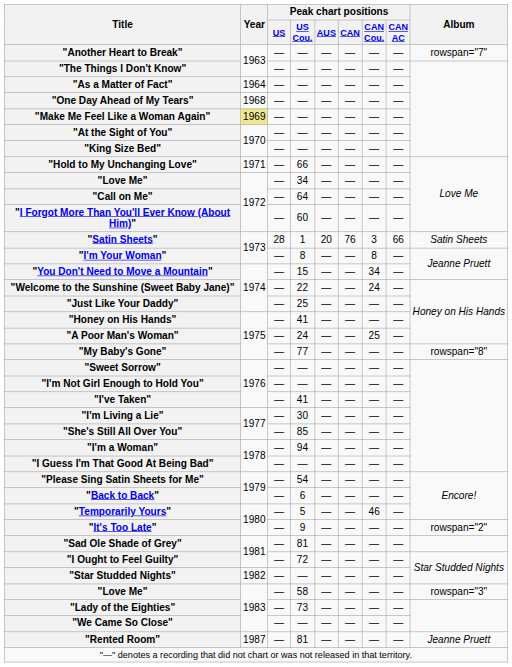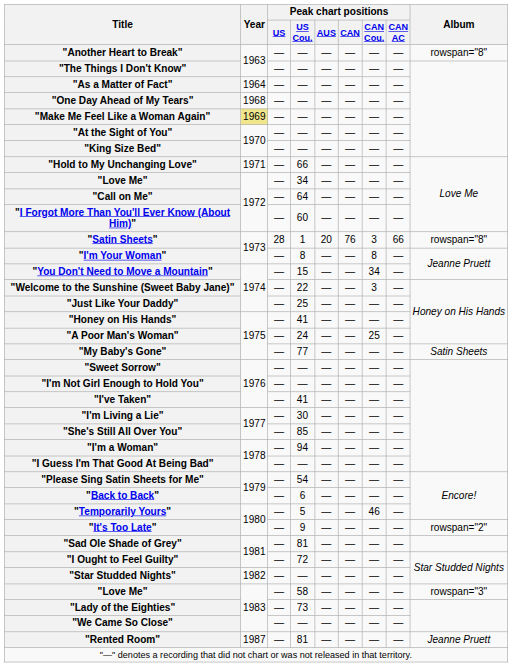 <table class="wikitable plainrowheaders" style="text-align:center;" border="1">
 <tr>
 <th scope="col" rowspan="2" style="width:23em;">Title</th>
 <th scope="col" rowspan="2">Year</th>
 <th scope="col" colspan="6">Peak chart positions</th>
 <th scope="col" rowspan="2">Album</th>
 </tr>
 <tr>
 <th scope="col" style="width:2em;font-size:90%;"><a href='#'>US</a><br></th>
 <th scope="col" style="width:2em;font-size:90%;"><a href='#'>US<br>Cou.</a><br></th>
 <th scope="col" style="width:2em;font-size:90%;"><a href='#'>AUS</a><br></th>
 <th scope="col" style="width:2em;font-size:90%;"><a href='#'>CAN</a><br></th>
 <th scope="col" style="width:2em;font-size:90%;"><a href='#'>CAN<br>Cou.</a><br></th>
 <th scope="col" style="width:2em;font-size:90%;"><a href='#'>CAN<br>AC</a><br></th>
 </tr>
 <tr>
 <th scope="row">"Another Heart to Break"</th>
 <td rowspan="2">1963</td>
 <td>—</td>
 <td>—</td>
 <td>—</td>
 <td>—</td>
 <td>—</td>
 <td>—</td>
-<td>rowspan="7" </td>
+<td>rowspan="8" </td>
 </tr>
 <tr>
 <th scope="row">"The Things I Don't Know"</th>
 <td>—</td>
 <td>—</td>
 <td>—</td>
 <td>—</td>
 <td>—</td>
 <td>—</td>
 </tr>
 <tr>
 <th scope="row">"As a Matter of Fact"</th>
 <td>1964</td>
 <td>—</td>
 <td>—</td>
 <td>—</td>
 <td>—</td>
 <td>—</td>
 <td>—</td>
 </tr>
 <tr>
 <th scope="row">"One Day Ahead of My Tears"</th>
 <td>1968</td>
 <td>—</td>
 <td>—</td>
 <td>—</td>
 <td>—</td>
 <td>—</td>
 <td>—</td>
 </tr>
 <tr>
 <th scope="row">"Make Me Feel Like a Woman Again"</th>
 <td style="background: khaki;">1969</td>
 <td>—</td>
 <td>—</td>
 <td>—</td>
 <td>—</td>
 <td>—</td>
 <td>—</td>
 </tr>
 <tr>
 <th scope="row">"At the Sight of You"</th>
 <td rowspan="2">1970</td>
 <td>—</td>
 <td>—</td>
 <td>—</td>
 <td>—</td>
 <td>—</td>
 <td>—</td>
 </tr>
 <tr>
 <th scope="row">"King Size Bed"</th>
 <td>—</td>
 <td>—</td>
 <td>—</td>
 <td>—</td>
 <td>—</td>
 <td>—</td>
 </tr>
 <tr>
 <th scope="row">"Hold to My Unchanging Love"</th>
 <td>1971</td>
 <td>—</td>
 <td>66</td>
 <td>—</td>
 <td>—</td>
 <td>—</td>
 <td>—</td>
 <td rowspan="4"><em>Love Me</em></td>
 </tr>
 <tr>
 <th scope="row">"Love Me"</th>
 <td rowspan="3">1972</td>
 <td>—</td>
 <td>34</td>
 <td>—</td>
 <td>—</td>
 <td>—</td>
 <td>—</td>
 </tr>
 <tr>
 <th scope="row">"Call on Me"</th>
 <td>—</td>
 <td>64</td>
 <td>—</td>
 <td>—</td>
 <td>—</td>
 <td>—</td>
 </tr>
 <tr>
 <th scope="row">"<a href='#'>I Forgot More Than You'll Ever Know (About Him)</a>"</th>
 <td>—</td>
 <td>60</td>
 <td>—</td>
 <td>—</td>
 <td>—</td>
 <td>—</td>
 </tr>
 <tr>
 <th scope="row">"<a href='#'>Satin Sheets</a>"</th>
 <td rowspan="2">1973</td>
 <td>28</td>
 <td>1</td>
 <td>20</td>
 <td>76</td>
 <td>3</td>
 <td>66</td>
-<td><em>Satin Sheets</em></td>
+<td>rowspan="8" </td>
 </tr>
 <tr>
 <th scope="row">"<a href='#'>I'm Your Woman</a>"</th>
 <td>—</td>
 <td>8</td>
 <td>—</td>
 <td>—</td>
 <td>8</td>
 <td>—</td>
 <td rowspan="2"><em>Jeanne Pruett</em> </td>
 </tr>
 <tr>
 <th scope="row">"<a href='#'>You Don't Need to Move a Mountain</a>"</th>
 <td rowspan="3">1974</td>
 <td>—</td>
 <td>15</td>
 <td>—</td>
 <td>—</td>
 <td>34</td>
 <td>—</td>
 </tr>
 <tr>
 <th scope="row">"Welcome to the Sunshine (Sweet Baby Jane)"</th>
 <td>—</td>
 <td>22</td>
 <td>—</td>
 <td>—</td>
-<td>24</td>
+<td>3</td>
 <td>—</td>
 <td rowspan="4"><em>Honey on His Hands</em></td>
 </tr>
 <tr>
 <th scope="row">"Just Like Your Daddy"</th>
 <td>—</td>
 <td>25</td>
 <td>—</td>
 <td>—</td>
 <td>—</td>
 <td>—</td>
 </tr>
 <tr>
 <th scope="row">"Honey on His Hands"</th>
 <td rowspan="3">1975</td>
 <td>—</td>
 <td>41</td>
 <td>—</td>
 <td>—</td>
 <td>—</td>
 <td>—</td>
 </tr>
 <tr>
 <th scope="row">"A Poor Man's Woman"</th>
 <td>—</td>
 <td>24</td>
 <td>—</td>
 <td>—</td>
 <td>25</td>
 <td>—</td>
 </tr>
 <tr>
 <th scope="row">"My Baby's Gone"</th>
 <td>—</td>
 <td>77</td>
 <td>—</td>
 <td>—</td>
 <td>—</td>
 <td>—</td>
-<td>rowspan="8" </td>
+<td><em>Satin Sheets</em></td>
 </tr>
 <tr>
 <th scope="row">"Sweet Sorrow"</th>
 <td rowspan="3">1976</td>
 <td>—</td>
 <td>—</td>
 <td>—</td>
 <td>—</td>
 <td>—</td>
 <td>—</td>
 </tr>
 <tr>
 <th scope="row">"I'm Not Girl Enough to Hold You"</th>
 <td>—</td>
 <td>—</td>
 <td>—</td>
 <td>—</td>
 <td>—</td>
 <td>—</td>
 </tr>
 <tr>
 <th scope="row">"I've Taken"</th>
 <td>—</td>
 <td>41</td>
 <td>—</td>
 <td>—</td>
 <td>—</td>
 <td>—</td>
 </tr>
 <tr>
 <th scope="row">"I'm Living a Lie"</th>
 <td rowspan="2">1977</td>
 <td>—</td>
 <td>30</td>
 <td>—</td>
 <td>—</td>
 <td>—</td>
 <td>—</td>
 </tr>
 <tr>
 <th scope="row">"She's Still All Over You"</th>
 <td>—</td>
 <td>85</td>
 <td>—</td>
 <td>—</td>
 <td>—</td>
 <td>—</td>
 </tr>
 <tr>
 <th scope="row">"I'm a Woman"</th>
 <td rowspan="2">1978</td>
 <td>—</td>
 <td>94</td>
 <td>—</td>
 <td>—</td>
 <td>—</td>
 <td>—</td>
 </tr>
 <tr>
 <th scope="row">"I Guess I'm That Good At Being Bad"</th>
 <td>—</td>
 <td>—</td>
 <td>—</td>
 <td>—</td>
 <td>—</td>
 <td>—</td>
 </tr>
 <tr>
 <th scope="row">"Please Sing Satin Sheets for Me"</th>
 <td rowspan="2">1979</td>
 <td>—</td>
 <td>54</td>
 <td>—</td>
 <td>—</td>
 <td>—</td>
 <td>—</td>
 <td rowspan="3"><em>Encore!</em></td>
 </tr>
 <tr>
 <th scope="row">"<a href='#'>Back to Back</a>"</th>
 <td>—</td>
 <td>6</td>
 <td>—</td>
 <td>—</td>
 <td>—</td>
 <td>—</td>
 </tr>
 <tr>
 <th scope="row">"<a href='#'>Temporarily Yours</a>"</th>
 <td rowspan="2">1980</td>
 <td>—</td>
 <td>5</td>
 <td>—</td>
 <td>—</td>
 <td>46</td>
 <td>—</td>
 </tr>
 <tr>
 <th scope="row">"<a href='#'>It's Too Late</a>"</th>
 <td>—</td>
 <td>9</td>
 <td>—</td>
 <td>—</td>
 <td>—</td>
 <td>—</td>
 <td>rowspan="2" </td>
 </tr>
 <tr>
 <th scope="row">"Sad Ole Shade of Grey"</th>
 <td rowspan="2">1981</td>
 <td>—</td>
 <td>81</td>
 <td>—</td>
 <td>—</td>
 <td>—</td>
 <td>—</td>
 </tr>
 <tr>
 <th scope="row">"I Ought to Feel Guilty"</th>
 <td>—</td>
 <td>72</td>
 <td>—</td>
 <td>—</td>
 <td>—</td>
 <td>—</td>
 <td rowspan="2"><em>Star Studded Nights</em></td>
 </tr>
 <tr>
 <th scope="row">"Star Studded Nights"</th>
 <td>1982</td>
 <td>—</td>
 <td>—</td>
 <td>—</td>
 <td>—</td>
 <td>—</td>
 <td>—</td>
 </tr>
 <tr>
 <th scope="row">"Love Me" </th>
 <td rowspan="3">1983</td>
 <td>—</td>
 <td>58</td>
 <td>—</td>
 <td>—</td>
 <td>—</td>
 <td>—</td>
 <td>rowspan="3" </td>
 </tr>
 <tr>
 <th scope="row">"Lady of the Eighties"</th>
 <td>—</td>
 <td>73</td>
 <td>—</td>
 <td>—</td>
 <td>—</td>
 <td>—</td>
 </tr>
 <tr>
 <th scope="row">"We Came So Close"</th>
 <td>—</td>
 <td>—</td>
 <td>—</td>
 <td>—</td>
 <td>—</td>
 <td>—</td>
 </tr>
 <tr>
 <th scope="row">"Rented Room"</th>
 <td>1987</td>
 <td>—</td>
 <td>81</td>
 <td>—</td>
 <td>—</td>
 <td>—</td>
 <td>—</td>
 <td><em>Jeanne Pruett</em> </td>
 </tr>
 <tr>
 <td colspan="9" style="font-size:90%">"—" denotes a recording that did not chart or was not released in that territory.</td>
 </tr>
 </table>
